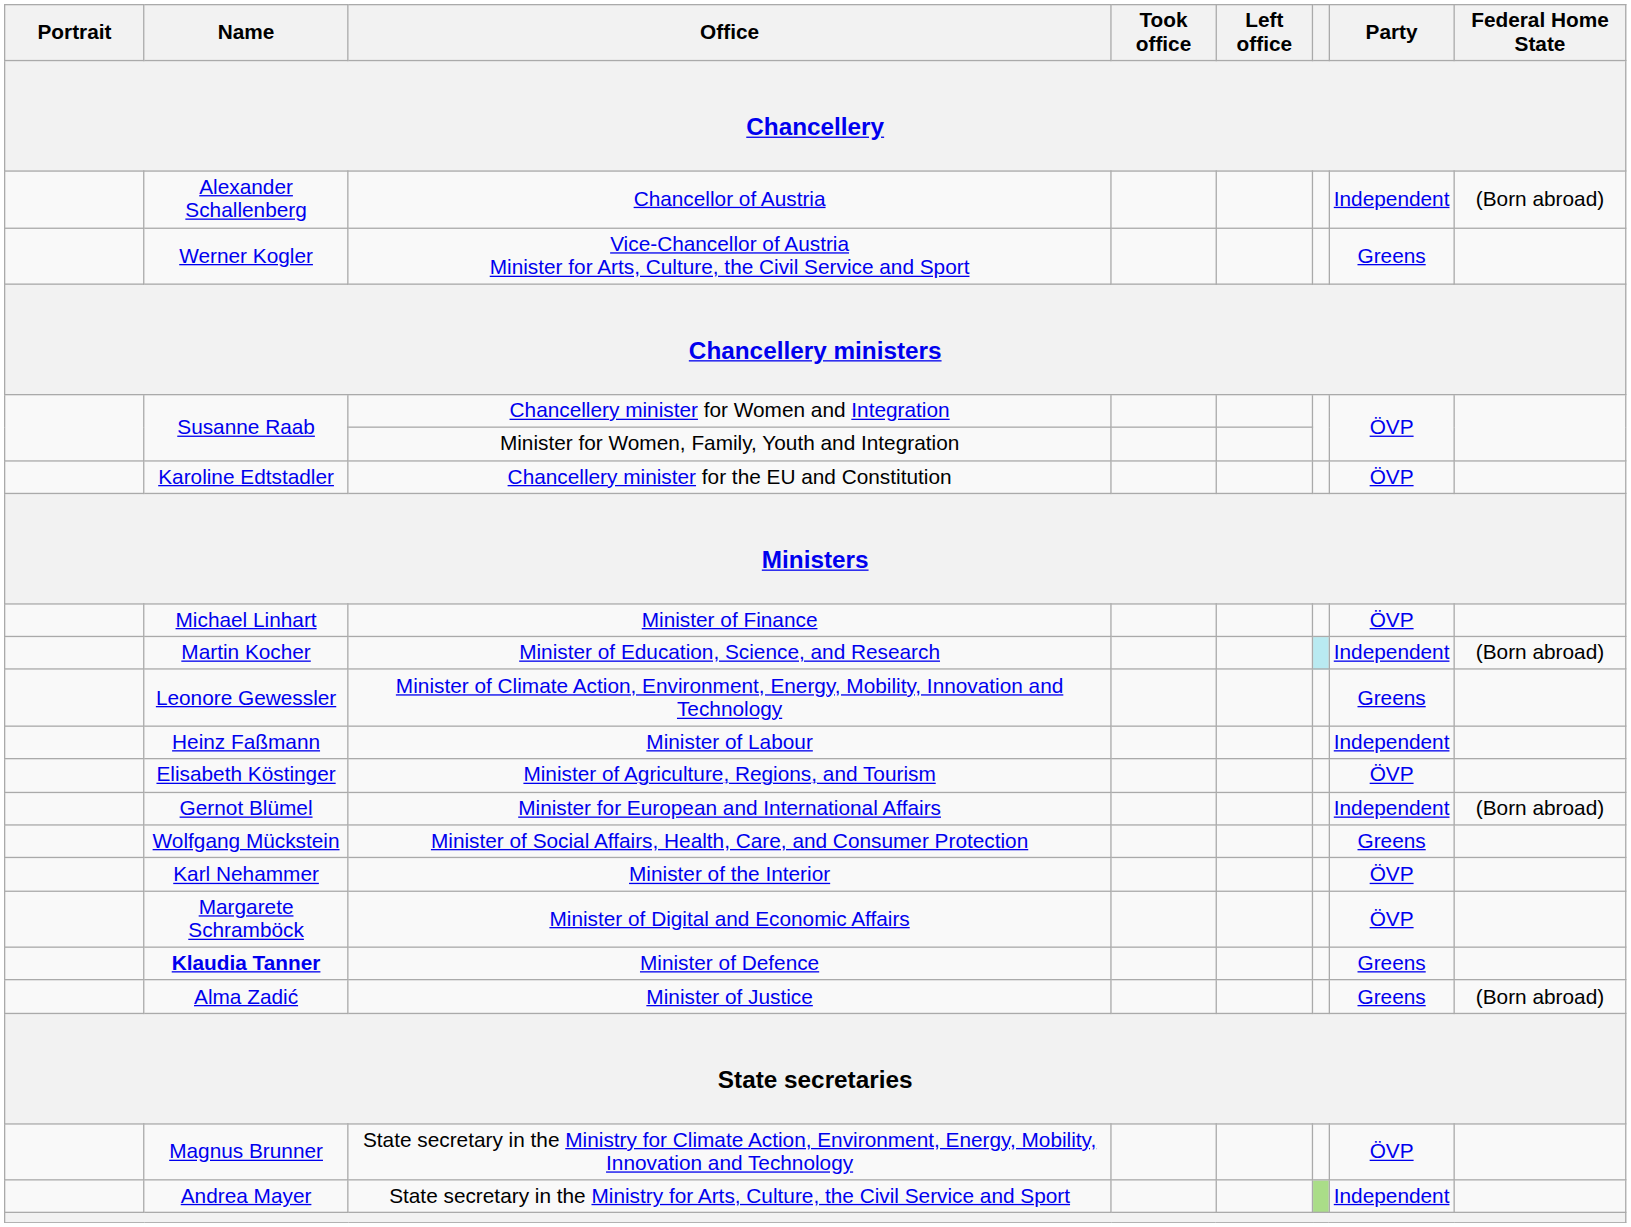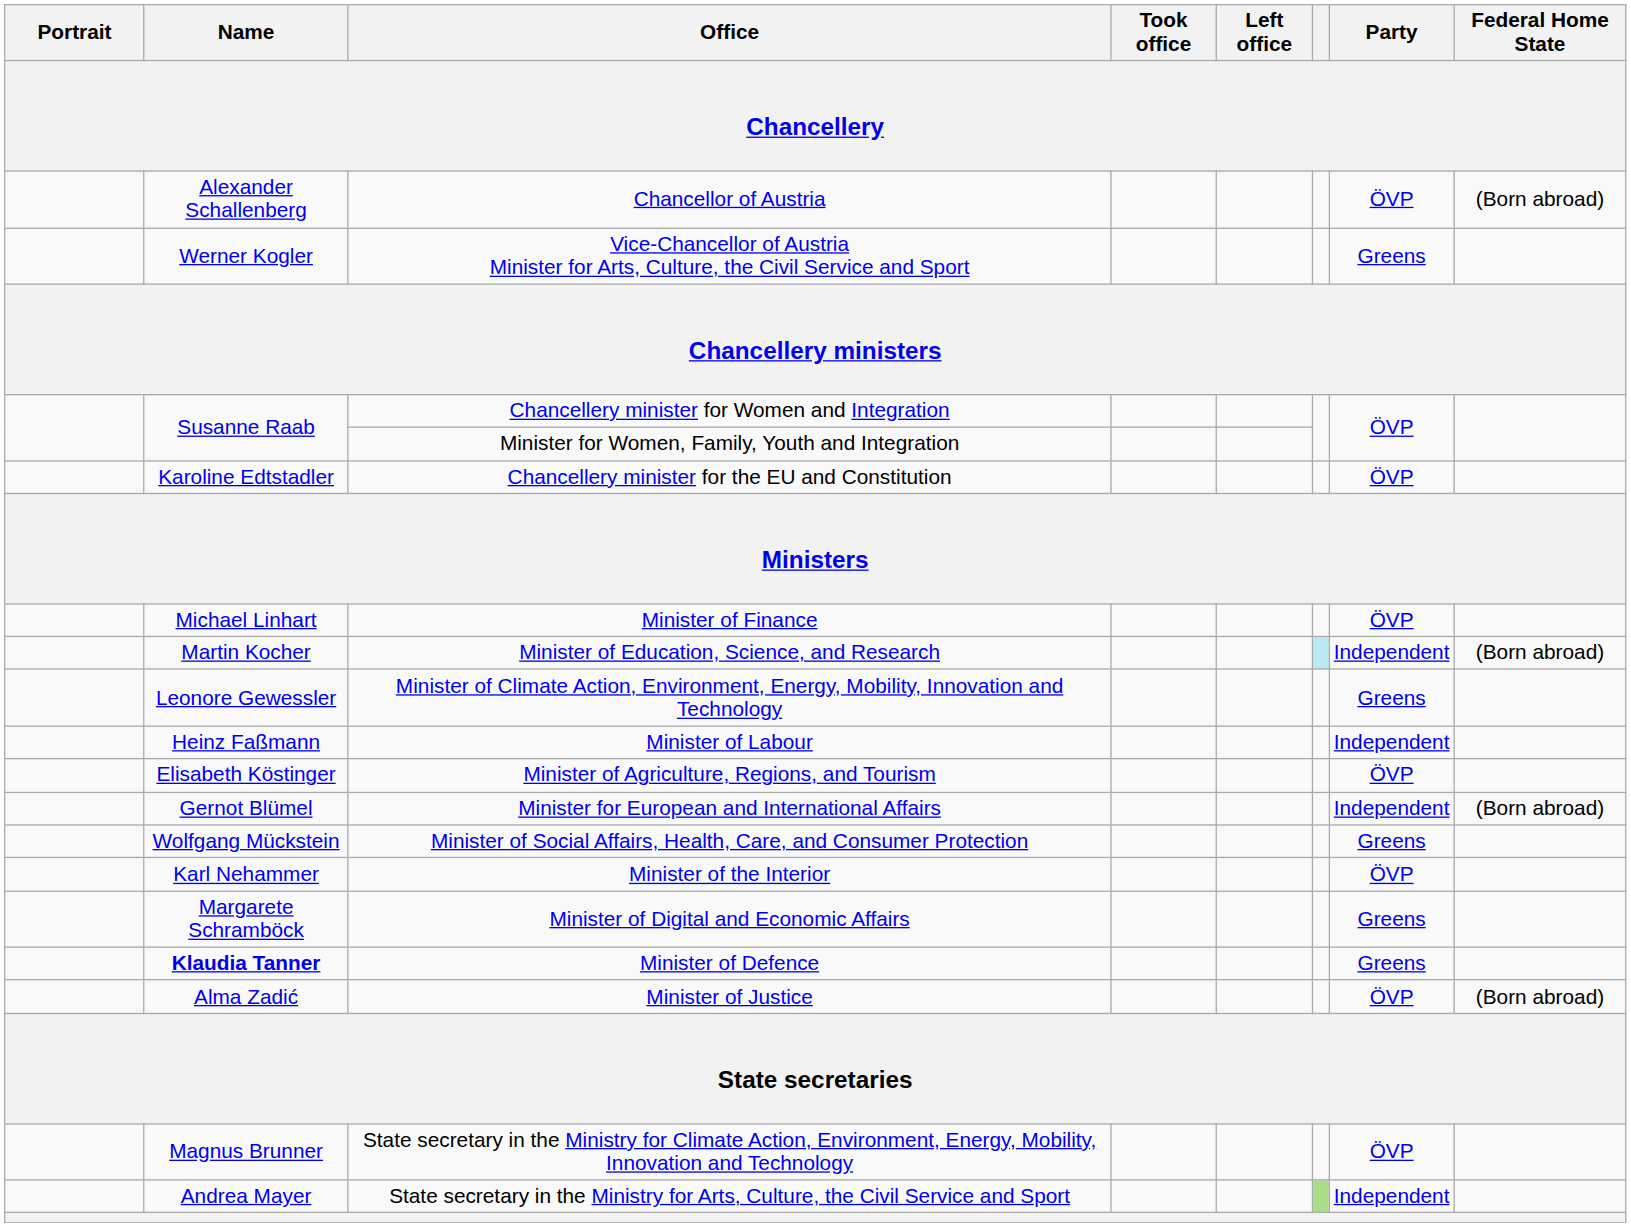 <table class="wikitable sortable" style="border:#555; text-align:center; ">
 <tr>
 <th class="unsortable" style="width:100px;">Portrait</th>
 <th>Name</th>
 <th>Office</th>
 <th>Took office</th>
 <th>Left office</th>
 <th class="unsortable" style="width:5px;"></th>
 <th>Party</th>
 <th>Federal Home State</th>
 </tr>
 <tr>
 <th colspan="9"><br><h3><a href='#'>Chancellery</a></h3></th>
 </tr>
 <tr>
 <td></td>
 <td><a href='#'>Alexander Schallenberg</a></td>
 <td><a href='#'>Chancellor of Austria</a></td>
 <td></td>
 <td></td>
 <td style="background-color: "></td>
-<td><a href='#'>Independent</a><br></td>
+<td><a href='#'>ÖVP</a></td>
 <td>(Born abroad)</td>
 </tr>
 <tr>
 <td></td>
 <td><a href='#'>Werner Kogler</a></td>
 <td><a href='#'>Vice-Chancellor of Austria</a><br><a href='#'>Minister for Arts, Culture, the Civil Service and Sport</a></td>
 <td></td>
 <td></td>
 <td style="background-color: "></td>
 <td><a href='#'>Greens</a></td>
 <td></td>
 </tr>
 <tr>
 <th colspan="9"><br><h3><a href='#'>Chancellery ministers</a></h3></th>
 </tr>
 <tr>
 <td rowspan="2"></td>
 <td rowspan="2"><a href='#'>Susanne Raab</a></td>
 <td><a href='#'>Chancellery minister</a> for Women and <a href='#'>Integration</a></td>
 <td></td>
 <td></td>
 <td rowspan="2" style="background-color: "></td>
 <td rowspan="2"><a href='#'>ÖVP</a></td>
 <td rowspan="2"></td>
 </tr>
 <tr>
 <td>Minister for Women, Family, Youth and Integration</td>
 <td></td>
 <td></td>
 </tr>
 <tr>
 <td></td>
 <td><a href='#'>Karoline Edtstadler</a></td>
 <td><a href='#'>Chancellery minister</a> for the EU and Constitution</td>
 <td></td>
 <td></td>
 <td style="background-color: "></td>
 <td><a href='#'>ÖVP</a></td>
 <td></td>
 </tr>
 <tr>
 <th colspan="9"><br><h3><a href='#'>Ministers</a></h3></th>
 </tr>
 <tr>
 <td></td>
 <td><a href='#'>Michael Linhart</a></td>
 <td><a href='#'>Minister of Finance</a></td>
 <td></td>
 <td></td>
 <td style="background-color: "></td>
 <td><a href='#'>ÖVP</a></td>
 <td></td>
 </tr>
 <tr>
 <td></td>
 <td><a href='#'>Martin Kocher</a></td>
 <td><a href='#'>Minister of Education, Science, and Research</a></td>
 <td></td>
 <td></td>
 <td style="background-color: #b9eaf1"></td>
 <td><a href='#'>Independent</a><br></td>
 <td>(Born abroad)</td>
 </tr>
 <tr>
 <td></td>
 <td><a href='#'>Leonore Gewessler</a></td>
 <td><a href='#'>Minister of Climate Action, Environment, Energy, Mobility, Innovation and Technology</a></td>
 <td></td>
 <td></td>
 <td style="background-color: "></td>
 <td><a href='#'>Greens</a></td>
 <td></td>
 </tr>
 <tr>
 <td></td>
 <td><a href='#'>Heinz Faßmann</a></td>
 <td><a href='#'>Minister of Labour</a></td>
 <td></td>
 <td></td>
 <td style="background-color: "></td>
 <td><a href='#'>Independent</a><br></td>
 <td></td>
 </tr>
 <tr>
 <td></td>
 <td><a href='#'>Elisabeth Köstinger</a></td>
 <td><a href='#'>Minister of Agriculture, Regions, and Tourism</a></td>
 <td></td>
 <td></td>
 <td style="background-color: "></td>
 <td><a href='#'>ÖVP</a></td>
 <td></td>
 </tr>
 <tr>
 <td></td>
 <td><a href='#'>Gernot Blümel</a></td>
 <td><a href='#'>Minister for European and International Affairs</a></td>
 <td></td>
 <td></td>
 <td style="background-color: "></td>
 <td><a href='#'>Independent</a><br></td>
 <td>(Born abroad)</td>
 </tr>
 <tr>
 <td></td>
 <td><a href='#'>Wolfgang Mückstein</a></td>
 <td><a href='#'>Minister of Social Affairs, Health, Care, and Consumer Protection</a></td>
 <td></td>
 <td></td>
 <td style="background-color: "></td>
 <td><a href='#'>Greens</a></td>
 <td></td>
 </tr>
 <tr>
 <td></td>
 <td><a href='#'>Karl Nehammer</a></td>
 <td><a href='#'>Minister of the Interior</a></td>
 <td></td>
 <td></td>
 <td style="background-color: "></td>
 <td><a href='#'>ÖVP</a></td>
 <td></td>
 </tr>
 <tr>
 <td></td>
 <td><a href='#'>Margarete Schramböck</a></td>
 <td><a href='#'>Minister of Digital and Economic Affairs</a></td>
 <td></td>
 <td></td>
 <td style="background-color: "></td>
-<td><a href='#'>ÖVP</a></td>
+<td><a href='#'>Greens</a></td>
 <td></td>
 </tr>
 <tr>
 <td></td>
 <td><strong><a href='#'>Klaudia Tanner</a></strong></td>
 <td><a href='#'>Minister of Defence</a></td>
 <td></td>
 <td></td>
 <td style="background-color: "></td>
 <td><a href='#'>Greens</a></td>
 <td></td>
 </tr>
 <tr>
 <td></td>
 <td><a href='#'>Alma Zadić</a></td>
 <td><a href='#'>Minister of Justice</a></td>
 <td></td>
 <td></td>
 <td style="background-color: "></td>
-<td><a href='#'>Greens</a></td>
+<td><a href='#'>ÖVP</a></td>
 <td>(Born abroad)</td>
 </tr>
 <tr>
 <th colspan="9"><br><h3>State secretaries</h3></th>
 </tr>
 <tr>
 <td></td>
 <td><a href='#'>Magnus Brunner</a></td>
 <td>State secretary in the <a href='#'>Ministry for Climate Action, Environment, Energy, Mobility, Innovation and Technology</a></td>
 <td></td>
 <td></td>
 <td style="background-color: "></td>
 <td><a href='#'>ÖVP</a></td>
 <td></td>
 </tr>
 <tr>
 <td></td>
 <td><a href='#'>Andrea Mayer</a></td>
 <td>State secretary in the <a href='#'>Ministry for Arts, Culture, the Civil Service and Sport</a></td>
 <td></td>
 <td></td>
 <td style="background-color: #aadd88"></td>
 <td><a href='#'>Independent</a><br></td>
 <td></td>
 </tr>
 <tr>
 <th colspan="9"></th>
 </tr>
 </table>
